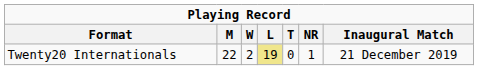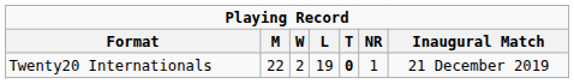 <table class="wikitable" style="text-align: center; width: 500px;">
 <tr>
 <td colspan=7 align="center"><strong>Playing Record</strong></td>
 </tr>
 <tr>
 <th>Format</th>
 <th>M</th>
 <th>W</th>
 <th>L</th>
 <th>T</th>
 <th>NR</th>
 <th>Inaugural Match</th>
 </tr>
 <tr>
 <td align="left">Twenty20 Internationals</td>
 <td>22</td>
 <td>2</td>
-<td style="background: khaki;">19</td>
-<td>0</td>
+<td>19</td>
+<td><strong>0</strong></td>
 <td>1</td>
 <td>21 December 2019</td>
 </tr>
 </table>
